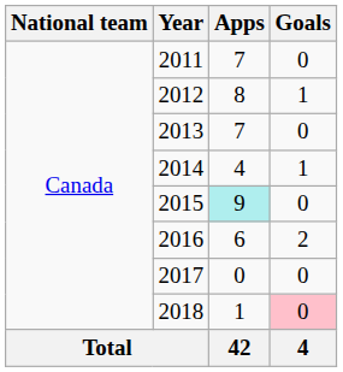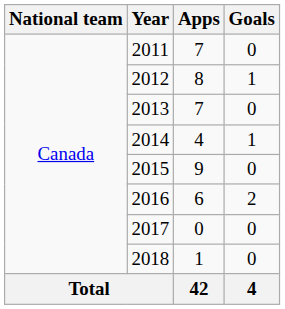 <table class="wikitable" style="text-align:center">
 <tr>
 <th>National team</th>
 <th>Year</th>
 <th>Apps</th>
 <th>Goals</th>
 </tr>
 <tr>
 <td rowspan="8"><a href='#'>Canada</a></td>
 <td>2011</td>
 <td>7</td>
 <td>0</td>
 </tr>
 <tr>
 <td>2012</td>
 <td>8</td>
 <td>1</td>
 </tr>
 <tr>
 <td>2013</td>
 <td>7</td>
 <td>0</td>
 </tr>
 <tr>
 <td>2014</td>
 <td>4</td>
 <td>1</td>
 </tr>
 <tr>
 <td>2015</td>
-<td style="background: paleturquoise;">9</td>
+<td>9</td>
 <td>0</td>
 </tr>
 <tr>
 <td>2016</td>
 <td>6</td>
 <td>2</td>
 </tr>
 <tr>
 <td>2017</td>
 <td>0</td>
 <td>0</td>
 </tr>
 <tr>
 <td>2018</td>
 <td>1</td>
-<td style="background: pink;">0</td>
+<td>0</td>
 </tr>
 <tr>
 <th colspan="2">Total</th>
 <th>42</th>
 <th>4</th>
 </tr>
 </table>
